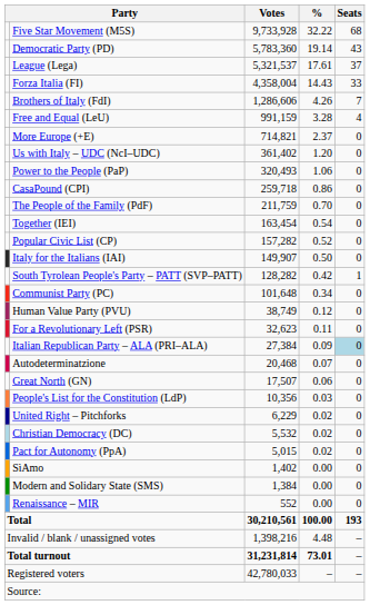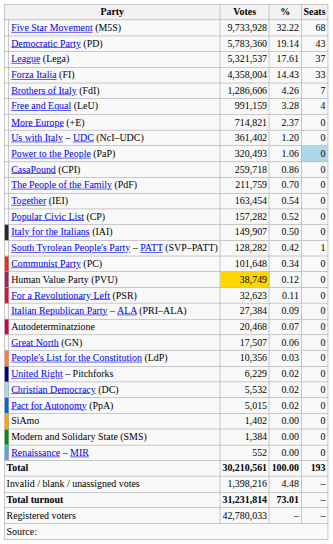 <table class="wikitable" style="text-align:right">
 <tr>
 <th colspan=2>Party</th>
 <th>Votes</th>
 <th>%</th>
 <th>Seats</th>
 </tr>
 <tr>
 <td></td>
 <td style="text-align:left;"><a href='#'>Five Star Movement</a> (M5S)</td>
 <td style="text-align:right;">9,733,928</td>
 <td style="text-align:right;">32.22</td>
 <td style="text-align:right;">68</td>
 </tr>
 <tr>
 <td></td>
 <td style="text-align:left;"><a href='#'>Democratic Party</a> (PD)</td>
 <td style="text-align:right;">5,783,360</td>
 <td style="text-align:right;">19.14</td>
 <td style="text-align:right;">43</td>
 </tr>
 <tr>
 <td></td>
 <td style="text-align:left;"><a href='#'>League</a> (Lega)</td>
 <td style="text-align:right;">5,321,537</td>
 <td style="text-align:right;">17.61</td>
 <td style="text-align:right;">37</td>
 </tr>
 <tr>
 <td></td>
 <td style="text-align:left;"><a href='#'>Forza Italia</a> (FI)</td>
 <td style="text-align:right;">4,358,004</td>
 <td style="text-align:right;">14.43</td>
 <td style="text-align:right;">33</td>
 </tr>
 <tr>
 <td></td>
 <td style="text-align:left;"><a href='#'>Brothers of Italy</a> (FdI)</td>
 <td style="text-align:right;">1,286,606</td>
 <td style="text-align:right;">4.26</td>
 <td style="text-align:right;">7</td>
 </tr>
 <tr>
 <td></td>
 <td style="text-align:left;"><a href='#'>Free and Equal</a> (LeU)</td>
 <td style="text-align:right;">991,159</td>
 <td style="text-align:right;">3.28</td>
 <td style="text-align:right;">4</td>
 </tr>
 <tr>
 <td></td>
 <td style="text-align:left;"><a href='#'>More Europe</a> (+E)</td>
 <td style="text-align:right;">714,821</td>
 <td style="text-align:right;">2.37</td>
 <td style="text-align:right;">0</td>
 </tr>
 <tr>
 <td></td>
 <td style="text-align:left;"><a href='#'>Us with Italy</a> – <a href='#'>UDC</a> (NcI–UDC)</td>
 <td style="text-align:right;">361,402</td>
 <td style="text-align:right;">1.20</td>
 <td style="text-align:right;">0</td>
 </tr>
 <tr>
 <td></td>
 <td style="text-align:left;"><a href='#'>Power to the People</a> (PaP)</td>
 <td style="text-align:right;">320,493</td>
 <td style="text-align:right;">1.06</td>
-<td style="text-align:right;">0</td>
+<td style="background: lightblue; text-align:right;">0</td>
 </tr>
 <tr>
 <td></td>
 <td style="text-align:left;"><a href='#'>CasaPound</a> (CPI)</td>
 <td style="text-align:right;">259,718</td>
 <td style="text-align:right;">0.86</td>
 <td style="text-align:right;">0</td>
 </tr>
 <tr>
 <td style="background:"></td>
 <td style="text-align:left;"><a href='#'>The People of the Family</a> (PdF)</td>
 <td style="text-align:right;">211,759</td>
 <td style="text-align:right;">0.70</td>
 <td style="text-align:right;">0</td>
 </tr>
 <tr>
 <td></td>
 <td style="text-align:left;"><a href='#'>Together</a> (IEI)</td>
 <td style="text-align:right;">163,454</td>
 <td style="text-align:right;">0.54</td>
 <td style="text-align:right;">0</td>
 </tr>
 <tr>
 <td></td>
 <td style="text-align:left;"><a href='#'>Popular Civic List</a> (CP)</td>
 <td style="text-align:right;">157,282</td>
 <td style="text-align:right;">0.52</td>
 <td style="text-align:right;">0</td>
 </tr>
 <tr>
 <td style="background:#282828;"></td>
 <td style="text-align:left;"><a href='#'>Italy for the Italians</a> (IAI)</td>
 <td style="text-align:right;">149,907</td>
 <td style="text-align:right;">0.50</td>
 <td style="text-align:right;">0</td>
 </tr>
 <tr>
 <td></td>
 <td style="text-align:left;"><a href='#'>South Tyrolean People's Party</a> – <a href='#'>PATT</a> (SVP–PATT)</td>
 <td style="text-align:right;">128,282</td>
 <td style="text-align:right;">0.42</td>
 <td style="text-align:right;">1</td>
 </tr>
 <tr>
 <td style="background:#f62817;"></td>
 <td style="text-align:left;"><a href='#'>Communist Party</a> (PC)</td>
 <td style="text-align:right;">101,648</td>
 <td style="text-align:right;">0.34</td>
 <td style="text-align:right;">0</td>
 </tr>
 <tr>
 <td style="background:#9F235F;"></td>
 <td style="text-align:left;">Human Value Party (PVU)</td>
-<td style="text-align:right;">38,749</td>
+<td style="background: gold; text-align:right;">38,749</td>
 <td style="text-align:right;">0.12</td>
 <td style="text-align:right;">0</td>
 </tr>
 <tr>
 <td style="background:#dc142f;"></td>
 <td style="text-align:left;"><a href='#'>For a Revolutionary Left</a> (PSR)</td>
 <td style="text-align:right;">32,623</td>
 <td style="text-align:right;">0.11</td>
 <td style="text-align:right;">0</td>
 </tr>
 <tr>
 <td></td>
 <td style="text-align:left;"><a href='#'>Italian Republican Party</a> – <a href='#'>ALA</a> (PRI–ALA)</td>
 <td style="text-align:right;">27,384</td>
 <td style="text-align:right;">0.09</td>
-<td style="background: lightblue; text-align:right;">0</td>
+<td style="text-align:right;">0</td>
 </tr>
 <tr>
 <td style="background:#D0004D;"></td>
 <td style="text-align:left;">Autodeterminatzione</td>
 <td style="text-align:right;">20,468</td>
 <td style="text-align:right;">0.07</td>
 <td style="text-align:right;">0</td>
 </tr>
 <tr>
 <td style="background:"></td>
 <td style="text-align:left;"><a href='#'>Great North</a> (GN)</td>
 <td style="text-align:right;">17,507</td>
 <td style="text-align:right;">0.06</td>
 <td style="text-align:right;">0</td>
 </tr>
 <tr>
 <td style="background:#ff7e3b;"></td>
 <td style="text-align:left;"><a href='#'>People's List for the Constitution</a> (LdP)</td>
 <td style="text-align:right;">10,356</td>
 <td style="text-align:right;">0.03</td>
 <td style="text-align:right;">0</td>
 </tr>
 <tr>
 <td style="background:darkblue;"></td>
 <td style="text-align:left;"><a href='#'>United Right</a> – Pitchforks</td>
 <td style="text-align:right;">6,229</td>
 <td style="text-align:right;">0.02</td>
 <td style="text-align:right;">0</td>
 </tr>
 <tr>
 <td style="background:lightblue;"></td>
 <td style="text-align:left;"><a href='#'>Christian Democracy</a> (DC)</td>
 <td style="text-align:right;">5,532</td>
 <td style="text-align:right;">0.02</td>
 <td style="text-align:right;">0</td>
 </tr>
 <tr>
 <td style="background:#0067DC;"></td>
 <td style="text-align:left;"><a href='#'>Pact for Autonomy</a> (PpA)</td>
 <td style="text-align:right;">5,015</td>
 <td style="text-align:right;">0.02</td>
 <td style="text-align:right;">0</td>
 </tr>
 <tr>
 <td style="background:orange;"></td>
 <td style="text-align:left;">SìAmo</td>
 <td style="text-align:right;">1,402</td>
 <td style="text-align:right;">0.00</td>
 <td style="text-align:right;">0</td>
 </tr>
 <tr>
 <td style="background:#009000;"></td>
 <td style="text-align:left;">Modern and Solidary State (SMS)</td>
 <td style="text-align:right;">1,384</td>
 <td style="text-align:right;">0.00</td>
 <td style="text-align:right;">0</td>
 </tr>
 <tr>
 <td style="background:#56A5EC;"></td>
 <td style="text-align:left;"><a href='#'>Renaissance</a> – <a href='#'>MIR</a></td>
 <td style="text-align:right;">552</td>
 <td style="text-align:right;">0.00</td>
 <td style="text-align:right;">0</td>
 </tr>
 <tr>
 <td style="text-align:left;" colspan="2"><strong>Total</strong></td>
 <td style="text-align:right;"><strong>30,210,561</strong></td>
 <td style="text-align:right;"><strong>100.00</strong></td>
 <td style="text-align:right;"><strong>193</strong></td>
 </tr>
 <tr>
 <td style="text-align:left;" colspan="2">Invalid / blank / unassigned votes</td>
 <td>1,398,216</td>
 <td>4.48</td>
 <td>–</td>
 </tr>
 <tr>
 <td style="text-align:left;" colspan="2"><strong>Total turnout</strong></td>
 <td><strong>31,231,814</strong></td>
 <td><strong>73.01</strong></td>
 <td>–</td>
 </tr>
 <tr>
 <td style="text-align:left;" colspan="2">Registered voters</td>
 <td>42,780,033</td>
 <td>–</td>
 <td>–</td>
 </tr>
 <tr>
 <td style="text-align:left;" colspan="7">Source: </td>
 </tr>
 </table>
